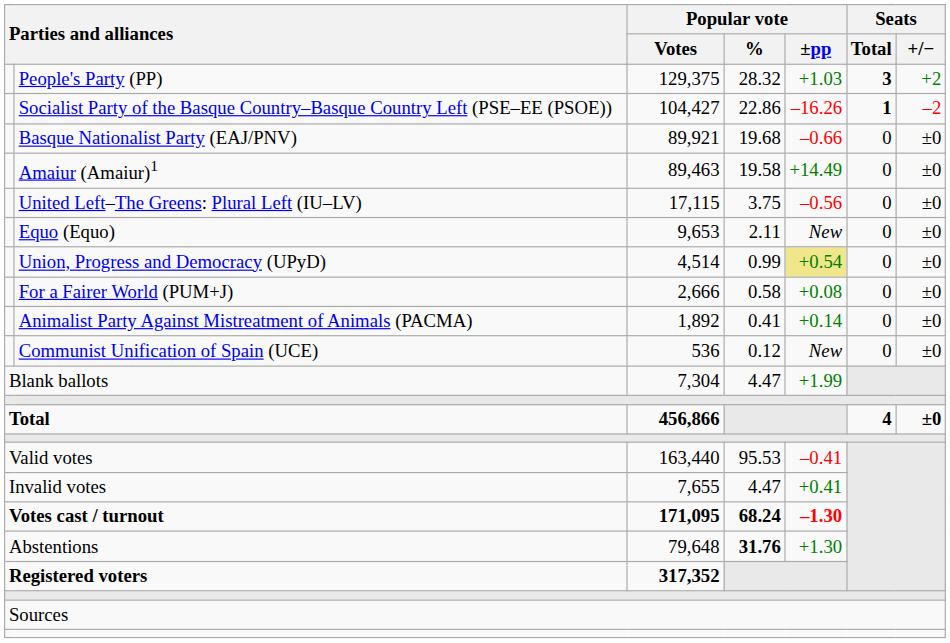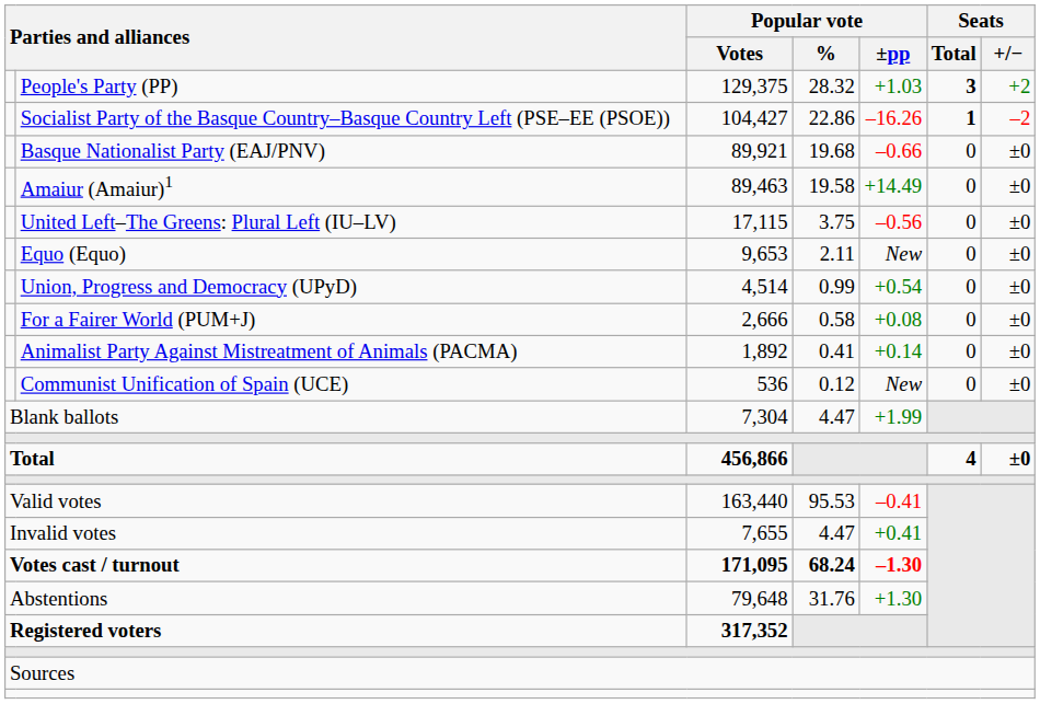 <table class="wikitable" style="text-align:right;">
 <tr>
 <th style="text-align:left;" rowspan="2" colspan="2" width="525">Parties and alliances</th>
 <th colspan="3">Popular vote</th>
 <th colspan="2">Seats</th>
 </tr>
 <tr>
 <th width="75">Votes</th>
 <th width="45">%</th>
 <th width="45">±<a href='#'>pp</a></th>
 <th width="35">Total</th>
 <th width="35">+/−</th>
 </tr>
 <tr>
 <td width="1" style="color:inherit;background:"></td>
 <td align="left"><a href='#'>People's Party</a> (PP)</td>
 <td>129,375</td>
 <td>28.32</td>
 <td style="color:green;">+1.03</td>
 <td><strong>3</strong></td>
 <td style="color:green;">+2</td>
 </tr>
 <tr>
 <td style="color:inherit;background:"></td>
 <td align="left"><a href='#'>Socialist Party of the Basque Country–Basque Country Left</a> (PSE–EE (PSOE))</td>
 <td>104,427</td>
 <td>22.86</td>
 <td style="color:red;">–16.26</td>
 <td><strong>1</strong></td>
 <td style="color:red;">–2</td>
 </tr>
 <tr>
 <td style="color:inherit;background:"></td>
 <td align="left"><a href='#'>Basque Nationalist Party</a> (EAJ/PNV)</td>
 <td>89,921</td>
 <td>19.68</td>
 <td style="color:red;">–0.66</td>
 <td>0</td>
 <td>±0</td>
 </tr>
 <tr>
 <td style="color:inherit;background:"></td>
 <td align="left"><a href='#'>Amaiur</a> (Amaiur)<sup>1</sup></td>
 <td>89,463</td>
 <td>19.58</td>
 <td style="color:green;">+14.49</td>
 <td>0</td>
 <td>±0</td>
 </tr>
 <tr>
 <td style="color:inherit;background:"></td>
 <td align="left"><a href='#'>United Left</a>–<a href='#'>The Greens</a>: <a href='#'>Plural Left</a> (IU–LV)</td>
 <td>17,115</td>
 <td>3.75</td>
 <td style="color:red;">–0.56</td>
 <td>0</td>
 <td>±0</td>
 </tr>
 <tr>
 <td style="color:inherit;background:"></td>
 <td align="left"><a href='#'>Equo</a> (Equo)</td>
 <td>9,653</td>
 <td>2.11</td>
 <td><em>New</em></td>
 <td>0</td>
 <td>±0</td>
 </tr>
 <tr>
 <td style="color:inherit;background:"></td>
 <td align="left"><a href='#'>Union, Progress and Democracy</a> (UPyD)</td>
 <td>4,514</td>
 <td>0.99</td>
-<td style="background: khaki; color:green;">+0.54</td>
+<td style="color:green;">+0.54</td>
 <td>0</td>
 <td>±0</td>
 </tr>
 <tr>
 <td style="color:inherit;background:"></td>
 <td align="left"><a href='#'>For a Fairer World</a> (PUM+J)</td>
 <td>2,666</td>
 <td>0.58</td>
 <td style="color:green;">+0.08</td>
 <td>0</td>
 <td>±0</td>
 </tr>
 <tr>
 <td style="color:inherit;background:"></td>
 <td align="left"><a href='#'>Animalist Party Against Mistreatment of Animals</a> (PACMA)</td>
 <td>1,892</td>
 <td>0.41</td>
 <td style="color:green;">+0.14</td>
 <td>0</td>
 <td>±0</td>
 </tr>
 <tr>
 <td style="color:inherit;background:"></td>
 <td align="left"><a href='#'>Communist Unification of Spain</a> (UCE)</td>
 <td>536</td>
 <td>0.12</td>
 <td><em>New</em></td>
 <td>0</td>
 <td>±0</td>
 </tr>
 <tr>
 <td align="left" colspan="2">Blank ballots</td>
 <td>7,304</td>
 <td>4.47</td>
 <td style="color:green;">+1.99</td>
 <td bgcolor="#E9E9E9" colspan="2"></td>
 </tr>
 <tr>
 <td colspan="7" bgcolor="#E9E9E9"></td>
 </tr>
 <tr style="font-weight:bold;">
 <td align="left" colspan="2">Total</td>
 <td>456,866</td>
 <td bgcolor="#E9E9E9" colspan="2"></td>
 <td>4</td>
 <td>±0</td>
 </tr>
 <tr>
 <td colspan="7" bgcolor="#E9E9E9"></td>
 </tr>
 <tr>
 <td align="left" colspan="2">Valid votes</td>
 <td>163,440</td>
 <td>95.53</td>
 <td style="color:red;">–0.41</td>
 <td bgcolor="#E9E9E9" colspan="2" rowspan="5"></td>
 </tr>
 <tr>
 <td align="left" colspan="2">Invalid votes</td>
 <td>7,655</td>
 <td>4.47</td>
 <td style="color:green;">+0.41</td>
 </tr>
 <tr style="font-weight:bold;">
 <td align="left" colspan="2">Votes cast / turnout</td>
 <td>171,095</td>
 <td>68.24</td>
 <td style="color:red;">–1.30</td>
 </tr>
 <tr>
 <td align="left" colspan="2">Abstentions</td>
 <td>79,648</td>
-<td><strong>31.76</strong></td>
+<td>31.76</td>
 <td style="color:green;">+1.30</td>
 </tr>
 <tr style="font-weight:bold;">
 <td align="left" colspan="2">Registered voters</td>
 <td>317,352</td>
 <td bgcolor="#E9E9E9" colspan="2"></td>
 </tr>
 <tr>
 <td colspan="7" bgcolor="#E9E9E9"></td>
 </tr>
 <tr>
 <td align="left" colspan="7">Sources</td>
 </tr>
 <tr>
 <td colspan="7" style="text-align:left; max-width:790px;"></td>
 </tr>
 </table>
